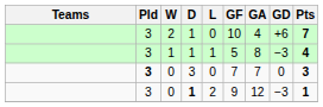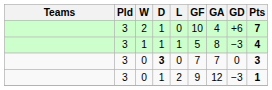 <table class="wikitable" style="text-align: center;">
 <tr>
 <th width=165>Teams</th>
 <th width=20>Pld</th>
 <th width=20>W</th>
 <th width=20>D</th>
 <th width=20>L</th>
 <th width=20>GF</th>
 <th width=20>GA</th>
 <th width=20>GD</th>
 <th width=20>Pts</th>
 </tr>
 <tr align=center style="background:#ccffcc;">
 <td style="text-align:left;"></td>
 <td>3</td>
 <td>2</td>
 <td>1</td>
 <td>0</td>
 <td>10</td>
 <td>4</td>
 <td>+6</td>
 <td><strong>7</strong></td>
 </tr>
 <tr align=center style="background:#ccffcc;">
 <td style="text-align:left;"></td>
 <td>3</td>
 <td>1</td>
 <td>1</td>
 <td>1</td>
 <td>5</td>
 <td>8</td>
 <td>−3</td>
 <td><strong>4</strong></td>
 </tr>
 <tr align=center>
 <td style="text-align:left;"></td>
+<td>3</td>
+<td>0</td>
 <td><strong>3</strong></td>
-<td>0</td>
-<td>3</td>
 <td>0</td>
 <td>7</td>
 <td>7</td>
 <td>0</td>
 <td><strong>3</strong></td>
 </tr>
 <tr align=center>
 <td style="text-align:left;"></td>
 <td>3</td>
 <td>0</td>
-<td><strong>1</strong></td>
+<td>1</td>
 <td>2</td>
 <td>9</td>
 <td>12</td>
 <td>−3</td>
 <td><strong>1</strong></td>
 </tr>
 <tr align=center>
 </tr>
 </table>
